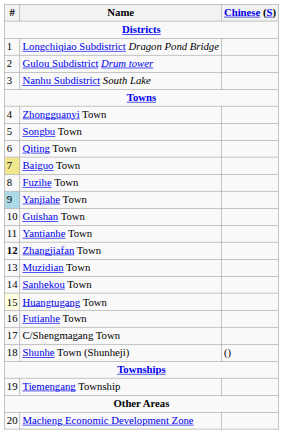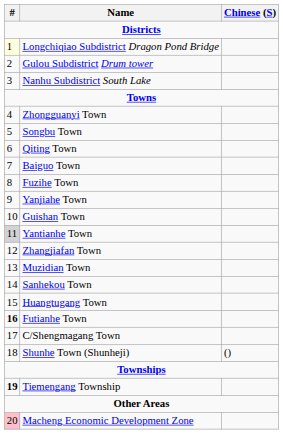 <table class="wikitable sortable">
 <tr>
 <th>#</th>
 <th>Name</th>
 <th><a href='#'>Chinese</a> (<a href='#'>S</a>)</th>
 </tr>
 <tr>
 <td style="text-align:center;" colspan="7"><strong><a href='#'>Districts</a></strong></td>
 </tr>
 <tr>
-<td>1</td>
+<td style="background: lightyellow;">1</td>
 <td><a href='#'>Longchiqiao Subdistrict</a> <em>Dragon Pond Bridge</em></td>
 <td></td>
 </tr>
 <tr>
 <td>2</td>
 <td><a href='#'>Gulou Subdistrict</a> <em><a href='#'>Drum tower</a></em></td>
 <td></td>
 </tr>
 <tr>
 <td>3</td>
 <td><a href='#'>Nanhu Subdistrict</a> <em>South Lake</em></td>
 <td></td>
 </tr>
 <tr>
 <td style="text-align:center;" colspan="7"><strong><a href='#'>Towns</a></strong></td>
 </tr>
 <tr>
 <td>4</td>
 <td><a href='#'>Zhongguanyi</a> Town</td>
 <td></td>
 </tr>
 <tr>
 <td>5</td>
 <td><a href='#'>Songbu</a> Town</td>
 <td></td>
 </tr>
 <tr>
 <td>6</td>
 <td><a href='#'>Qiting</a> Town</td>
 <td></td>
 </tr>
 <tr>
-<td style="background: khaki;">7</td>
+<td>7</td>
 <td><a href='#'>Baiguo</a> Town</td>
 <td></td>
 </tr>
 <tr>
 <td>8</td>
 <td><a href='#'>Fuzihe</a> Town</td>
 <td></td>
 </tr>
 <tr>
-<td style="background: lightblue;">9</td>
+<td>9</td>
 <td><a href='#'>Yanjiahe</a> Town</td>
 <td></td>
 </tr>
 <tr>
 <td>10</td>
 <td><a href='#'>Guishan</a> Town</td>
 <td></td>
 </tr>
 <tr>
-<td>11</td>
+<td style="background: lightgrey;">11</td>
 <td><a href='#'>Yantianhe</a> Town</td>
 <td></td>
 </tr>
 <tr>
-<td><strong>12</strong></td>
+<td>12</td>
 <td><a href='#'>Zhangjiafan</a> Town</td>
 <td></td>
 </tr>
 <tr>
 <td>13</td>
 <td><a href='#'>Muzidian</a> Town</td>
 <td></td>
 </tr>
 <tr>
 <td>14</td>
 <td><a href='#'>Sanhekou</a> Town</td>
 <td></td>
 </tr>
 <tr>
-<td style="background: lightyellow;">15</td>
+<td>15</td>
 <td><a href='#'>Huangtugang</a> Town</td>
 <td></td>
 </tr>
 <tr>
-<td>16</td>
+<td><strong>16</strong></td>
 <td><a href='#'>Futianhe</a> Town</td>
 <td></td>
 </tr>
 <tr>
 <td>17</td>
 <td>C/Shengmagang Town</td>
 <td></td>
 </tr>
 <tr>
 <td>18</td>
 <td><a href='#'>Shunhe</a> Town (Shunheji)</td>
 <td> ()</td>
 </tr>
 <tr>
 <td style="text-align:center;" colspan="7"><strong><a href='#'>Townships</a></strong></td>
 </tr>
 <tr>
-<td>19</td>
+<td><strong>19</strong></td>
 <td><a href='#'>Tiemengang</a> Township</td>
 <td></td>
 </tr>
 <tr>
 <td style="text-align:center;" colspan="7"><strong>Other Areas</strong></td>
 </tr>
 <tr>
-<td>20</td>
+<td style="background: pink;">20</td>
 <td><a href='#'>Macheng Economic Development Zone</a></td>
 <td></td>
 </tr>
 </table>
